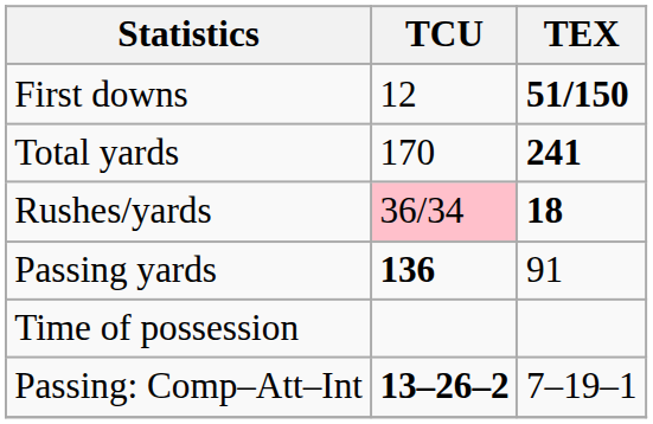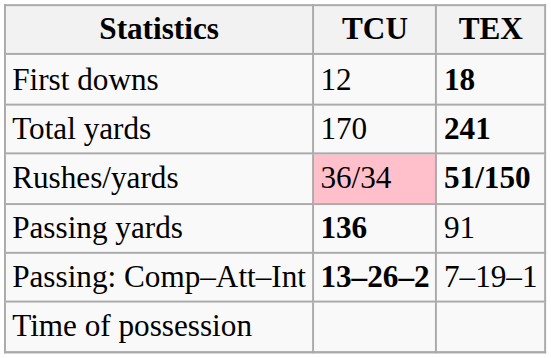 <table class="wikitable" style="float: left;">
 <tr>
 <th>Statistics</th>
 <th>TCU</th>
 <th>TEX</th>
 </tr>
 <tr>
 <td>First downs</td>
 <td>12</td>
-<td><strong>51/150</strong></td>
+<td><strong>18</strong></td>
 </tr>
 <tr>
 <td>Total yards</td>
 <td>170</td>
 <td><strong>241</strong></td>
 </tr>
 <tr>
 <td>Rushes/yards</td>
 <td style="background: pink;">36/34</td>
-<td><strong>18</strong></td>
+<td><strong>51/150</strong></td>
 </tr>
 <tr>
 <td>Passing yards</td>
 <td><strong>136</strong></td>
 <td>91</td>
 </tr>
 <tr>
+<td>Passing: Comp–Att–Int</td>
+<td><strong>13–26–2</strong></td>
+<td>7–19–1</td>
+</tr>
+<tr>
 <td>Time of possession</td>
 <td></td>
 <td></td>
 </tr>
 <tr>
-<td>Passing: Comp–Att–Int</td>
-<td><strong>13–26–2</strong></td>
-<td>7–19–1</td>
-</tr>
-<tr>
 </tr>
 </table>
